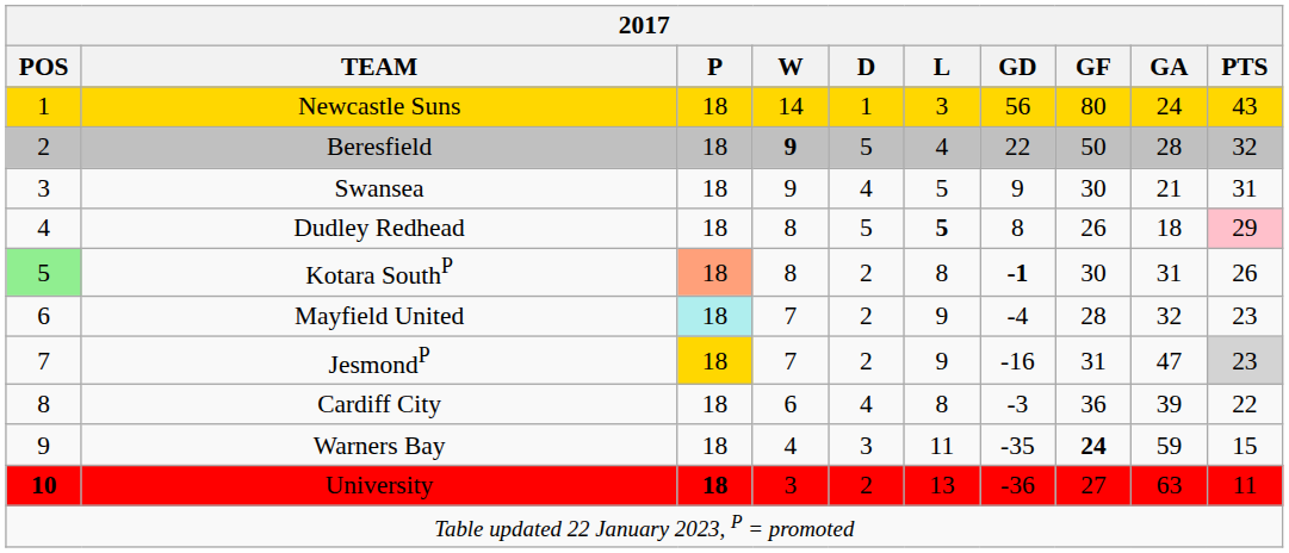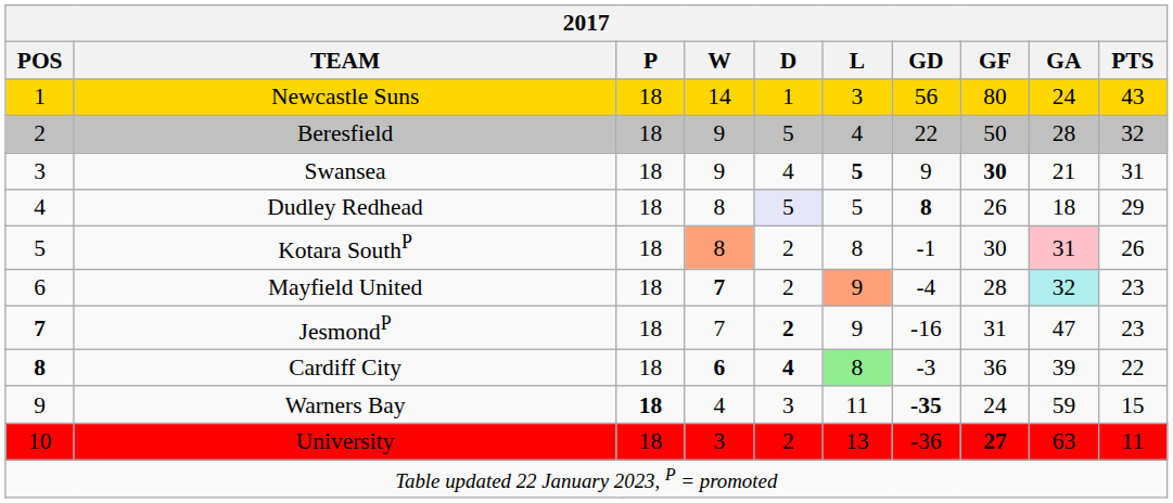 <table class="wikitable collapsible collapsed" style="text-align:center; min-width:50em; margin: 1em auto 1em auto;">
 <tr>
 <th colspan=10>2017</th>
 </tr>
 <tr>
 <th scope="col" width="40px">POS</th>
 <th scope="col">TEAM</th>
 <th scope="col" width="40px">P</th>
 <th scope="col" width="40px">W</th>
 <th scope="col" width="40px">D</th>
 <th scope="col" width="40px">L</th>
 <th scope="col" width="40px">GD</th>
 <th scope="col" width="40px">GF</th>
 <th scope="col" width="40px">GA</th>
 <th scope="col" width="40px">PTS</th>
 </tr>
 <tr style="background: gold;">
 <td>1</td>
 <td>Newcastle Suns</td>
 <td>18</td>
 <td>14</td>
 <td>1</td>
 <td>3</td>
 <td>56</td>
 <td>80</td>
 <td>24</td>
 <td>43</td>
 </tr>
 <tr style="background: silver;">
 <td>2</td>
 <td>Beresfield</td>
 <td>18</td>
-<td><strong>9</strong></td>
+<td>9</td>
 <td>5</td>
 <td>4</td>
 <td>22</td>
 <td>50</td>
 <td>28</td>
 <td>32</td>
 </tr>
 <tr>
 <td>3</td>
 <td>Swansea</td>
 <td>18</td>
 <td>9</td>
 <td>4</td>
-<td>5</td>
+<td><strong>5</strong></td>
 <td>9</td>
-<td>30</td>
+<td><strong>30</strong></td>
 <td>21</td>
 <td>31</td>
 </tr>
 <tr>
 <td>4</td>
 <td>Dudley Redhead</td>
 <td>18</td>
 <td>8</td>
+<td style="background: lavender;">5</td>
 <td>5</td>
-<td><strong>5</strong></td>
-<td>8</td>
+<td><strong>8</strong></td>
 <td>26</td>
 <td>18</td>
-<td style="background: pink;">29</td>
+<td>29</td>
 </tr>
 <tr>
-<td style="background: lightgreen;">5</td>
+<td>5</td>
 <td>Kotara South<sup>P</sup></td>
-<td style="background: lightsalmon;">18</td>
-<td>8</td>
+<td>18</td>
+<td style="background: lightsalmon;">8</td>
 <td>2</td>
 <td>8</td>
-<td><strong>-1</strong></td>
+<td>-1</td>
 <td>30</td>
-<td>31</td>
+<td style="background: pink;">31</td>
 <td>26</td>
 </tr>
 <tr>
 <td>6</td>
 <td>Mayfield United</td>
-<td style="background: paleturquoise;">18</td>
-<td>7</td>
+<td>18</td>
+<td><strong>7</strong></td>
 <td>2</td>
-<td>9</td>
+<td style="background: lightsalmon;">9</td>
 <td>-4</td>
 <td>28</td>
-<td>32</td>
+<td style="background: paleturquoise;">32</td>
 <td>23</td>
 </tr>
 <tr>
+<td><strong>7</strong></td>
+<td>Jesmond<sup>P</sup></td>
+<td>18</td>
 <td>7</td>
-<td>Jesmond<sup>P</sup></td>
-<td style="background: gold;">18</td>
-<td>7</td>
-<td>2</td>
+<td><strong>2</strong></td>
 <td>9</td>
 <td>-16</td>
 <td>31</td>
 <td>47</td>
-<td style="background: lightgrey;">23</td>
+<td>23</td>
 </tr>
 <tr>
-<td>8</td>
+<td><strong>8</strong></td>
 <td>Cardiff City</td>
 <td>18</td>
-<td>6</td>
-<td>4</td>
-<td>8</td>
+<td><strong>6</strong></td>
+<td><strong>4</strong></td>
+<td style="background: lightgreen;">8</td>
 <td>-3</td>
 <td>36</td>
 <td>39</td>
 <td>22</td>
 </tr>
 <tr>
 <td>9</td>
 <td>Warners Bay</td>
-<td>18</td>
+<td><strong>18</strong></td>
 <td>4</td>
 <td>3</td>
 <td>11</td>
-<td>-35</td>
-<td><strong>24</strong></td>
+<td><strong>-35</strong></td>
+<td>24</td>
 <td>59</td>
 <td>15</td>
 </tr>
 <tr style="background: red;">
-<td><strong>10</strong></td>
+<td>10</td>
 <td>University</td>
-<td><strong>18</strong></td>
+<td>18</td>
 <td>3</td>
 <td>2</td>
 <td>13</td>
 <td>-36</td>
-<td>27</td>
+<td><strong>27</strong></td>
 <td>63</td>
 <td>11</td>
 </tr>
 <tr>
 <td colspan=10 style="font-size:88%"><em>Table updated 22 January 2023, <sup>P</sup> = promoted</em></td>
 </tr>
 </table>
